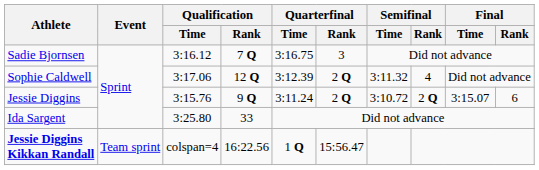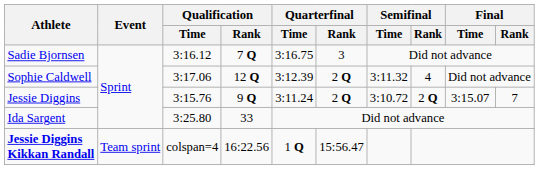 <table class=wikitable style=font-size:90%;text-align:center>
 <tr>
 <th rowspan=2>Athlete</th>
 <th rowspan=2>Event</th>
 <th colspan=2>Qualification</th>
 <th colspan=2>Quarterfinal</th>
 <th colspan=2>Semifinal</th>
 <th colspan=2>Final</th>
 </tr>
 <tr style=font-size:95%>
 <th>Time</th>
 <th>Rank</th>
 <th>Time</th>
 <th>Rank</th>
 <th>Time</th>
 <th>Rank</th>
 <th>Time</th>
 <th>Rank</th>
 </tr>
 <tr>
 <td align=left><a href='#'>Sadie Bjornsen</a></td>
 <td style="text-align:left;" rowspan="4"><a href='#'>Sprint</a></td>
 <td>3:16.12</td>
 <td>7 <strong>Q</strong></td>
 <td>3:16.75</td>
 <td>3</td>
 <td colspan=4>Did not advance</td>
 </tr>
 <tr>
 <td align=left><a href='#'>Sophie Caldwell</a></td>
 <td>3:17.06</td>
 <td>12 <strong>Q</strong></td>
 <td>3:12.39</td>
 <td>2 <strong>Q</strong></td>
 <td>3:11.32</td>
 <td>4</td>
 <td colspan=2>Did not advance</td>
 </tr>
 <tr>
 <td align=left><a href='#'>Jessie Diggins</a></td>
 <td>3:15.76</td>
 <td>9 <strong>Q</strong></td>
 <td>3:11.24</td>
 <td>2 <strong>Q</strong></td>
 <td>3:10.72</td>
 <td>2 <strong>Q</strong></td>
 <td>3:15.07</td>
-<td>6</td>
+<td>7</td>
 </tr>
 <tr>
 <td align=left><a href='#'>Ida Sargent</a></td>
 <td>3:25.80</td>
 <td>33</td>
 <td colspan=6>Did not advance</td>
 </tr>
 <tr>
 <td align=left><strong><a href='#'>Jessie Diggins</a><br><a href='#'>Kikkan Randall</a></strong></td>
 <td align=left><a href='#'>Team sprint</a></td>
 <td>colspan=4 </td>
 <td>16:22.56</td>
 <td>1 <strong>Q</strong></td>
 <td>15:56.47</td>
 <td></td>
 </tr>
 </table>
